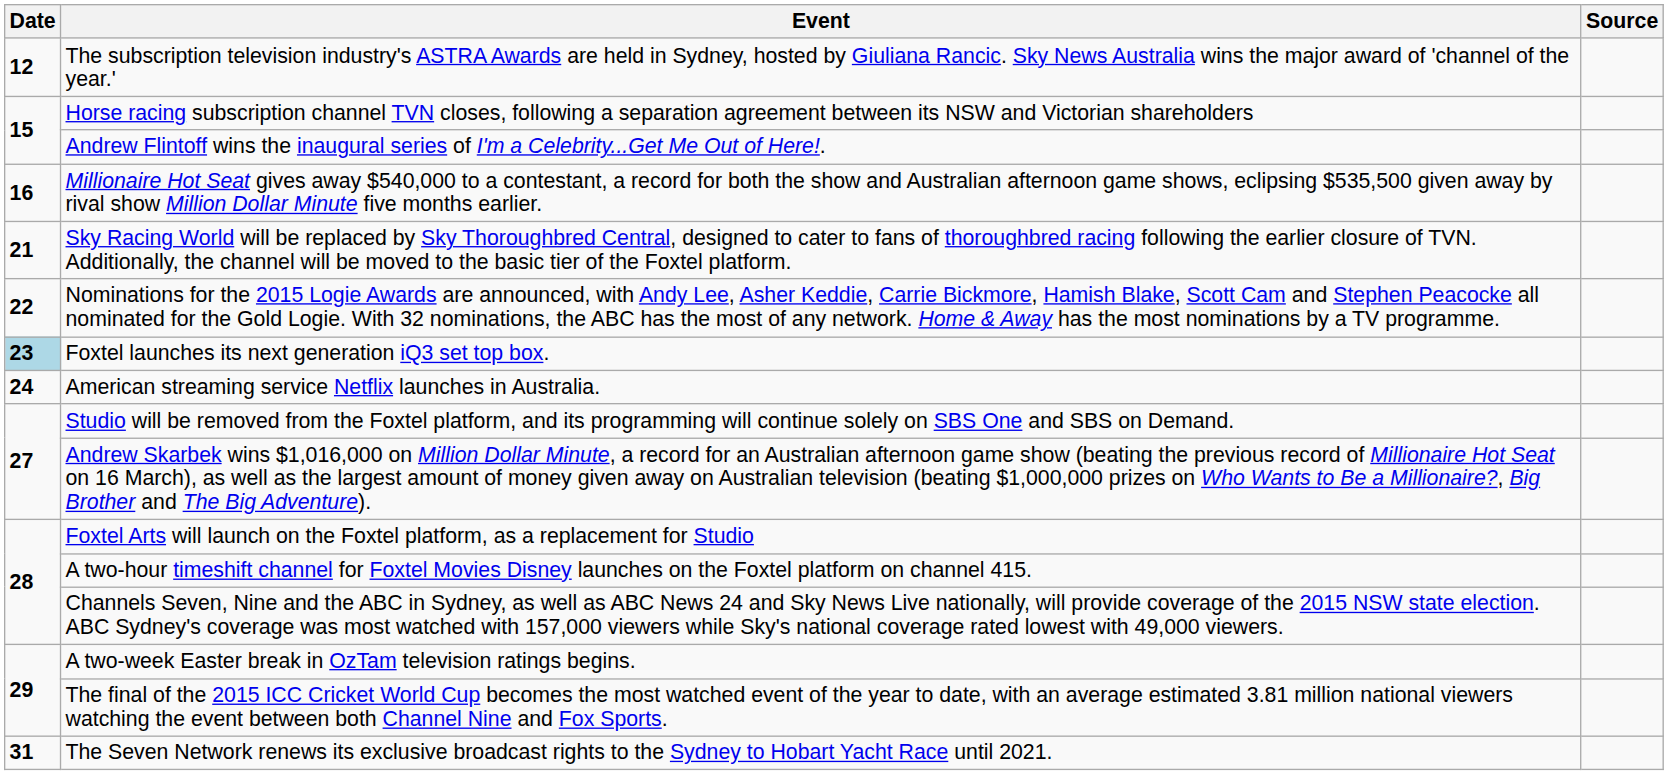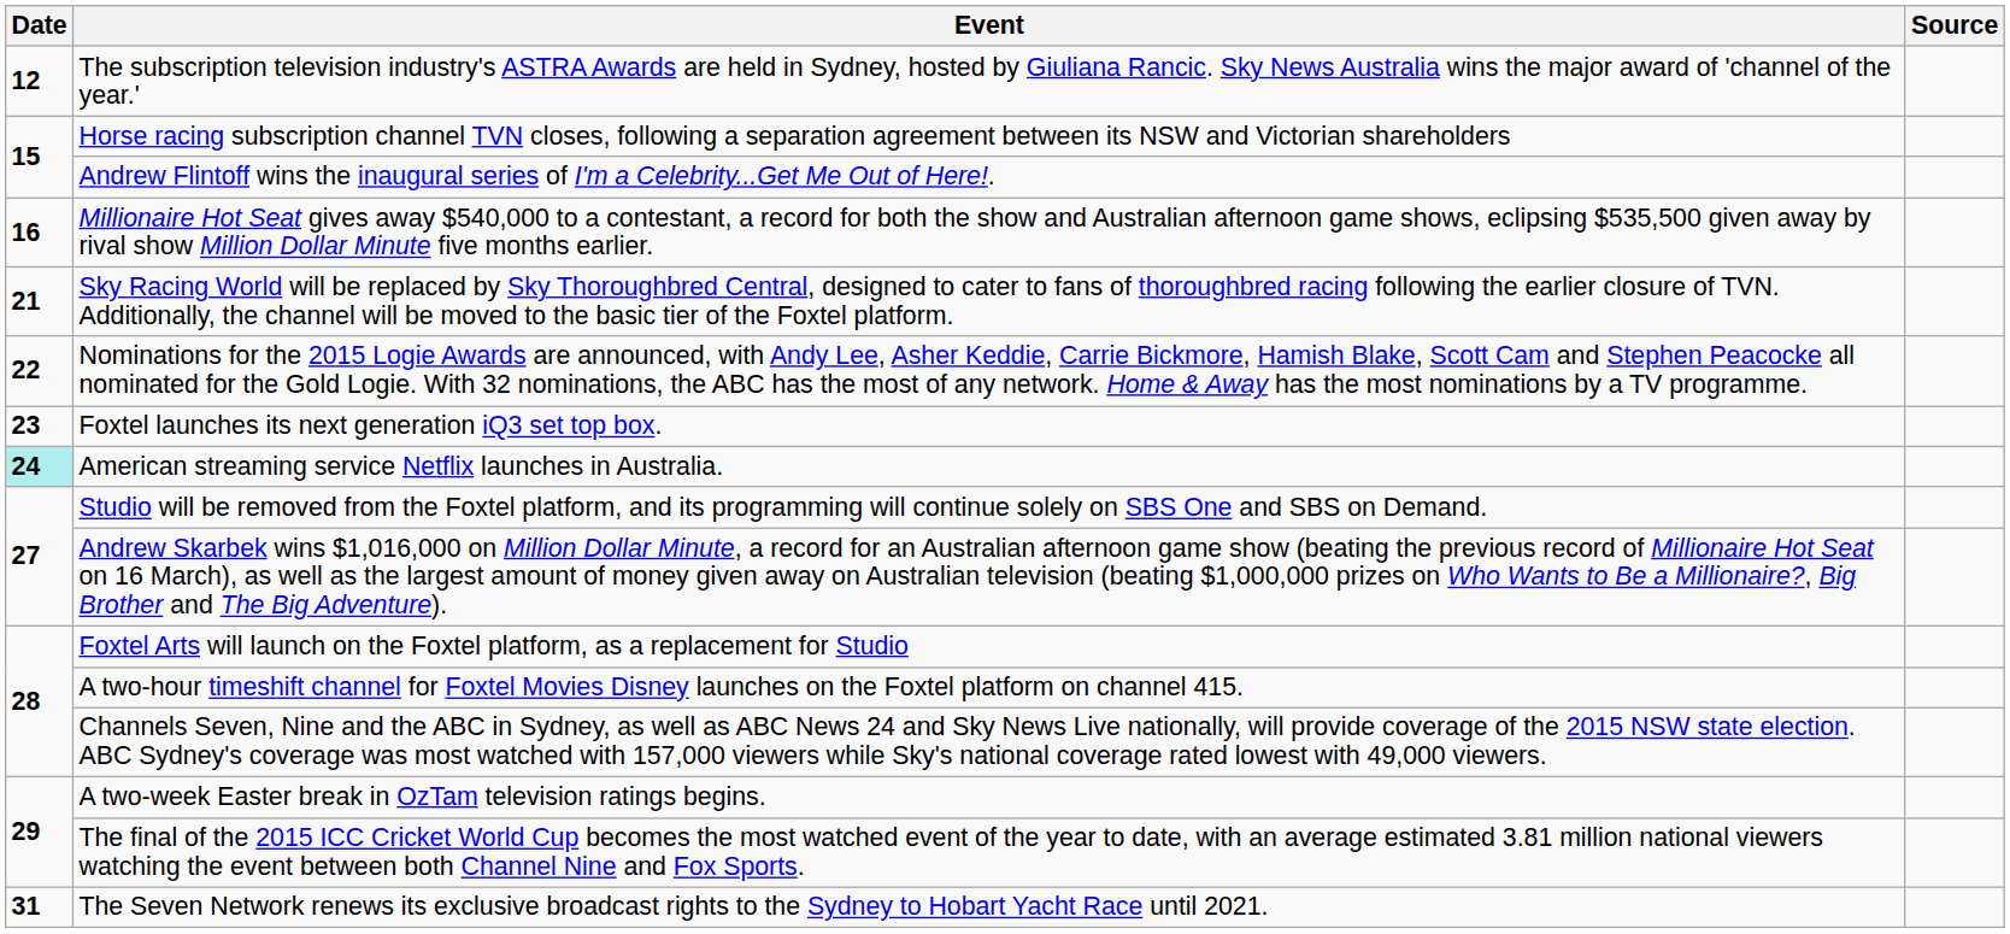 <table class="wikitable">
 <tr>
 <th>Date</th>
 <th>Event</th>
 <th>Source</th>
 </tr>
 <tr>
 <td><strong>12</strong></td>
 <td>The subscription television industry's <a href='#'>ASTRA Awards</a> are held in Sydney, hosted by <a href='#'>Giuliana Rancic</a>. <a href='#'>Sky News Australia</a> wins the major award of 'channel of the year.'</td>
 <td></td>
 </tr>
 <tr>
 <td rowspan="2"><strong>15</strong></td>
 <td><a href='#'>Horse racing</a> subscription channel <a href='#'>TVN</a> closes, following a separation agreement between its NSW and Victorian shareholders</td>
 <td></td>
 </tr>
 <tr>
 <td><a href='#'>Andrew Flintoff</a> wins the <a href='#'>inaugural series</a> of <em><a href='#'>I'm a Celebrity...Get Me Out of Here!</a></em>.</td>
 <td></td>
 </tr>
 <tr>
 <td><strong>16</strong></td>
 <td><em><a href='#'>Millionaire Hot Seat</a></em> gives away $540,000 to a contestant, a record for both the show and Australian afternoon game shows, eclipsing $535,500 given away by rival show <em><a href='#'>Million Dollar Minute</a></em> five months earlier.</td>
 <td></td>
 </tr>
 <tr>
 <td><strong>21</strong></td>
 <td><a href='#'>Sky Racing World</a> will be replaced by <a href='#'>Sky Thoroughbred Central</a>, designed to cater to fans of <a href='#'>thoroughbred racing</a> following the earlier closure of TVN. Additionally, the channel will be moved to the basic tier of the Foxtel platform.</td>
 <td></td>
 </tr>
 <tr>
 <td><strong>22</strong></td>
 <td>Nominations for the <a href='#'>2015 Logie Awards</a> are announced, with <a href='#'>Andy Lee</a>, <a href='#'>Asher Keddie</a>, <a href='#'>Carrie Bickmore</a>, <a href='#'>Hamish Blake</a>, <a href='#'>Scott Cam</a> and <a href='#'>Stephen Peacocke</a> all nominated for the Gold Logie. With 32 nominations, the ABC has the most of any network. <em><a href='#'>Home & Away</a></em> has the most nominations by a TV programme.</td>
 <td></td>
 </tr>
 <tr>
-<td style="background: lightblue;"><strong>23</strong></td>
+<td><strong>23</strong></td>
 <td>Foxtel launches its next generation <a href='#'>iQ3 set top box</a>.</td>
 <td></td>
 </tr>
 <tr>
-<td><strong>24</strong></td>
+<td style="background: paleturquoise;"><strong>24</strong></td>
 <td>American streaming service <a href='#'>Netflix</a> launches in Australia.</td>
 <td></td>
 </tr>
 <tr>
 <td rowspan="2"><strong>27</strong></td>
 <td><a href='#'>Studio</a> will be removed from the Foxtel platform, and its programming will continue solely on <a href='#'>SBS One</a> and SBS on Demand.</td>
 <td></td>
 </tr>
 <tr>
 <td><a href='#'>Andrew Skarbek</a> wins $1,016,000 on <em><a href='#'>Million Dollar Minute</a></em>, a record for an Australian afternoon game show (beating the previous record of <em><a href='#'>Millionaire Hot Seat</a></em> on 16 March), as well as the largest amount of money given away on Australian television (beating $1,000,000 prizes on <em><a href='#'>Who Wants to Be a Millionaire?</a></em>, <em><a href='#'>Big Brother</a></em> and <em><a href='#'>The Big Adventure</a></em>).</td>
 <td></td>
 </tr>
 <tr>
 <td rowspan="3"><strong>28</strong></td>
 <td><a href='#'>Foxtel Arts</a> will launch on the Foxtel platform, as a replacement for <a href='#'>Studio</a></td>
 <td></td>
 </tr>
 <tr>
 <td>A two-hour <a href='#'>timeshift channel</a> for <a href='#'>Foxtel Movies Disney</a> launches on the Foxtel platform on channel 415.</td>
 <td></td>
 </tr>
 <tr>
 <td>Channels Seven, Nine and the ABC in Sydney, as well as ABC News 24 and Sky News Live nationally, will provide coverage of the <a href='#'>2015 NSW state election</a>. ABC Sydney's coverage was most watched with 157,000 viewers while Sky's national coverage rated lowest with 49,000 viewers.</td>
 <td></td>
 </tr>
 <tr>
 <td rowspan="2"><strong>29</strong></td>
 <td>A two-week Easter break in <a href='#'>OzTam</a> television ratings begins.</td>
 <td></td>
 </tr>
 <tr>
 <td>The final of the <a href='#'>2015 ICC Cricket World Cup</a> becomes the most watched event of the year to date, with an average estimated 3.81 million national viewers watching the event between both <a href='#'>Channel Nine</a> and <a href='#'>Fox Sports</a>.</td>
 <td></td>
 </tr>
 <tr>
 <td><strong>31</strong></td>
 <td>The Seven Network renews its exclusive broadcast rights to the <a href='#'>Sydney to Hobart Yacht Race</a> until 2021.</td>
 <td></td>
 </tr>
 </table>
